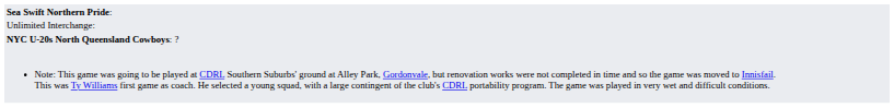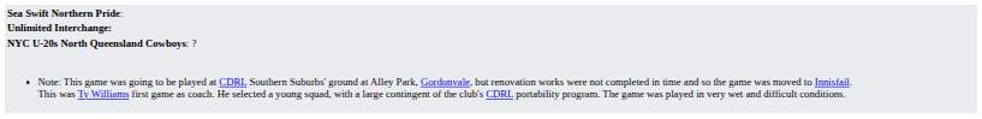 <table style="background:#eaecf0; font-size:85%; width:100%;">
 <tr>
 <td><strong>Sea Swift Northern Pride</strong>:             </td>
 </tr>
 <tr>
-<td>Unlimited Interchange:       </td>
+<td><strong>Unlimited Interchange:       </strong></td>
 </tr>
 <tr>
 <td><strong>NYC U-20s North Queensland Cowboys</strong>: ?</td>
 </tr>
 <tr>
 <td><br><ul><li>Note: This game was going to be played at <a href='#'>CDRL</a> Southern Suburbs' ground at Alley Park, <a href='#'>Gordonvale</a>, but renovation works were not completed in time and so the game was moved to <a href='#'>Innisfail</a>.<br>This was <a href='#'>Ty Williams</a> first game as coach. He selected a young squad, with a large contingent of the club's <a href='#'>CDRL</a> portability program. The game was played in very wet and difficult conditions.</li></ul></td>
 </tr>
 </table>
